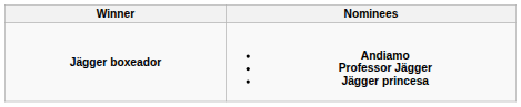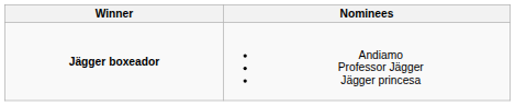 <table class="wikitable" style="text-align:center;">
 <tr>
 <th scope="col" style="width:19em;">Winner</th>
 <th scope="col" style="width:25em;">Nominees</th>
 </tr>
 <tr>
 <td><strong> Jägger boxeador</strong></td>
-<td><strong><br><ul><li> Andiamo</li><li> Professor Jägger</li><li> Jägger princesa</li></ul></strong></td>
+<td><br><ul><li> Andiamo</li><li> Professor Jägger</li><li> Jägger princesa</li></ul></td>
 </tr>
 </table>
